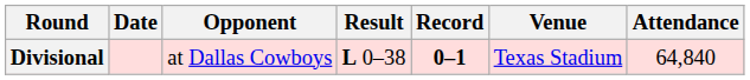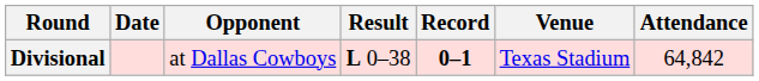 <table class="wikitable" style="text-align:center">
 <tr>
 <th>Round</th>
 <th>Date</th>
 <th>Opponent</th>
 <th>Result</th>
 <th>Record</th>
 <th>Venue</th>
 <th>Attendance</th>
 </tr>
 <tr style="background:#ffdddd">
 <th>Divisional</th>
 <td></td>
 <td>at <a href='#'>Dallas Cowboys</a></td>
 <td><strong>L</strong> 0–38</td>
 <td><strong>0–1</strong></td>
 <td><a href='#'>Texas Stadium</a></td>
-<td>64,840</td>
+<td>64,842</td>
 </tr>
 </table>
